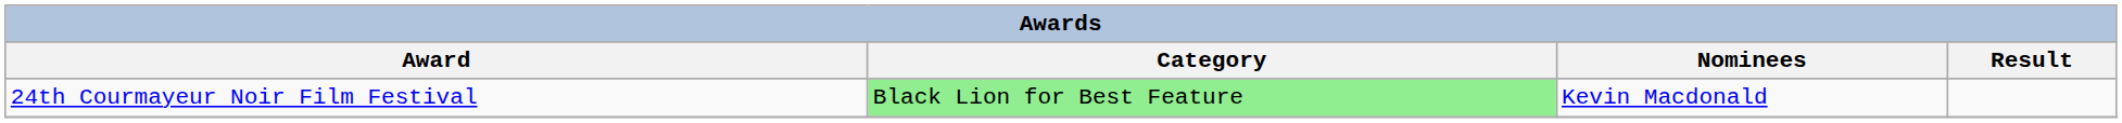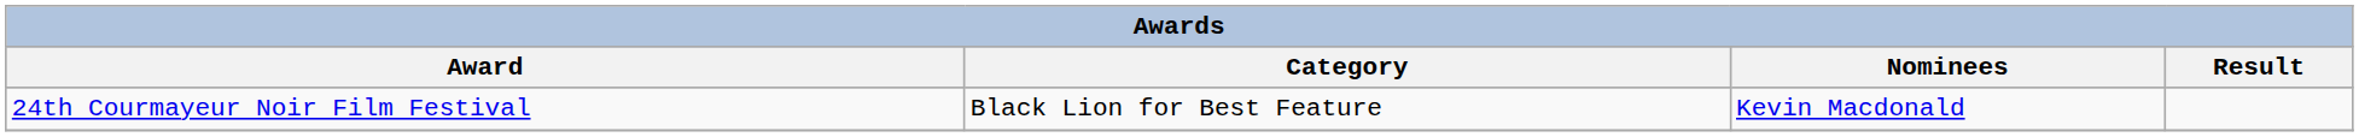 <table class="wikitable sortable" width="95%">
 <tr>
 <th colspan="5" style="background: LightSteelBlue;">Awards</th>
 </tr>
 <tr style="background:#ccc; text-align:center;">
 <th>Award</th>
 <th>Category</th>
 <th>Nominees</th>
 <th>Result</th>
 </tr>
 <tr>
 <td><a href='#'>24th Courmayeur Noir Film Festival</a></td>
-<td style="background: lightgreen;">Black Lion for Best Feature</td>
+<td>Black Lion for Best Feature</td>
 <td><a href='#'>Kevin Macdonald</a></td>
 <td></td>
 </tr>
 <tr>
 </tr>
 </table>
